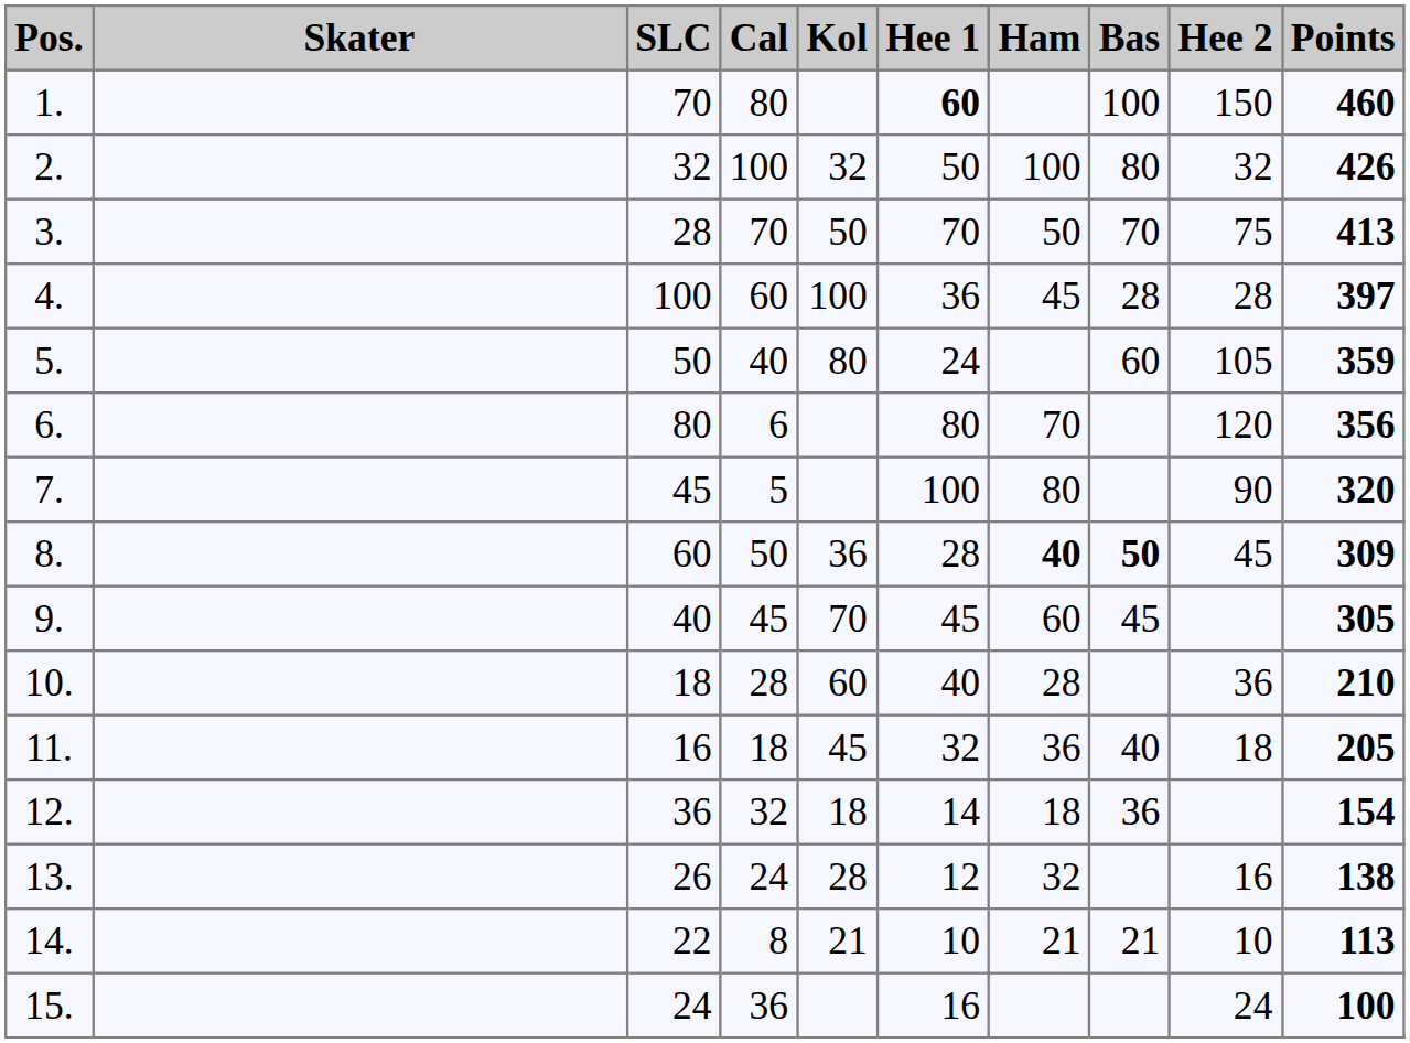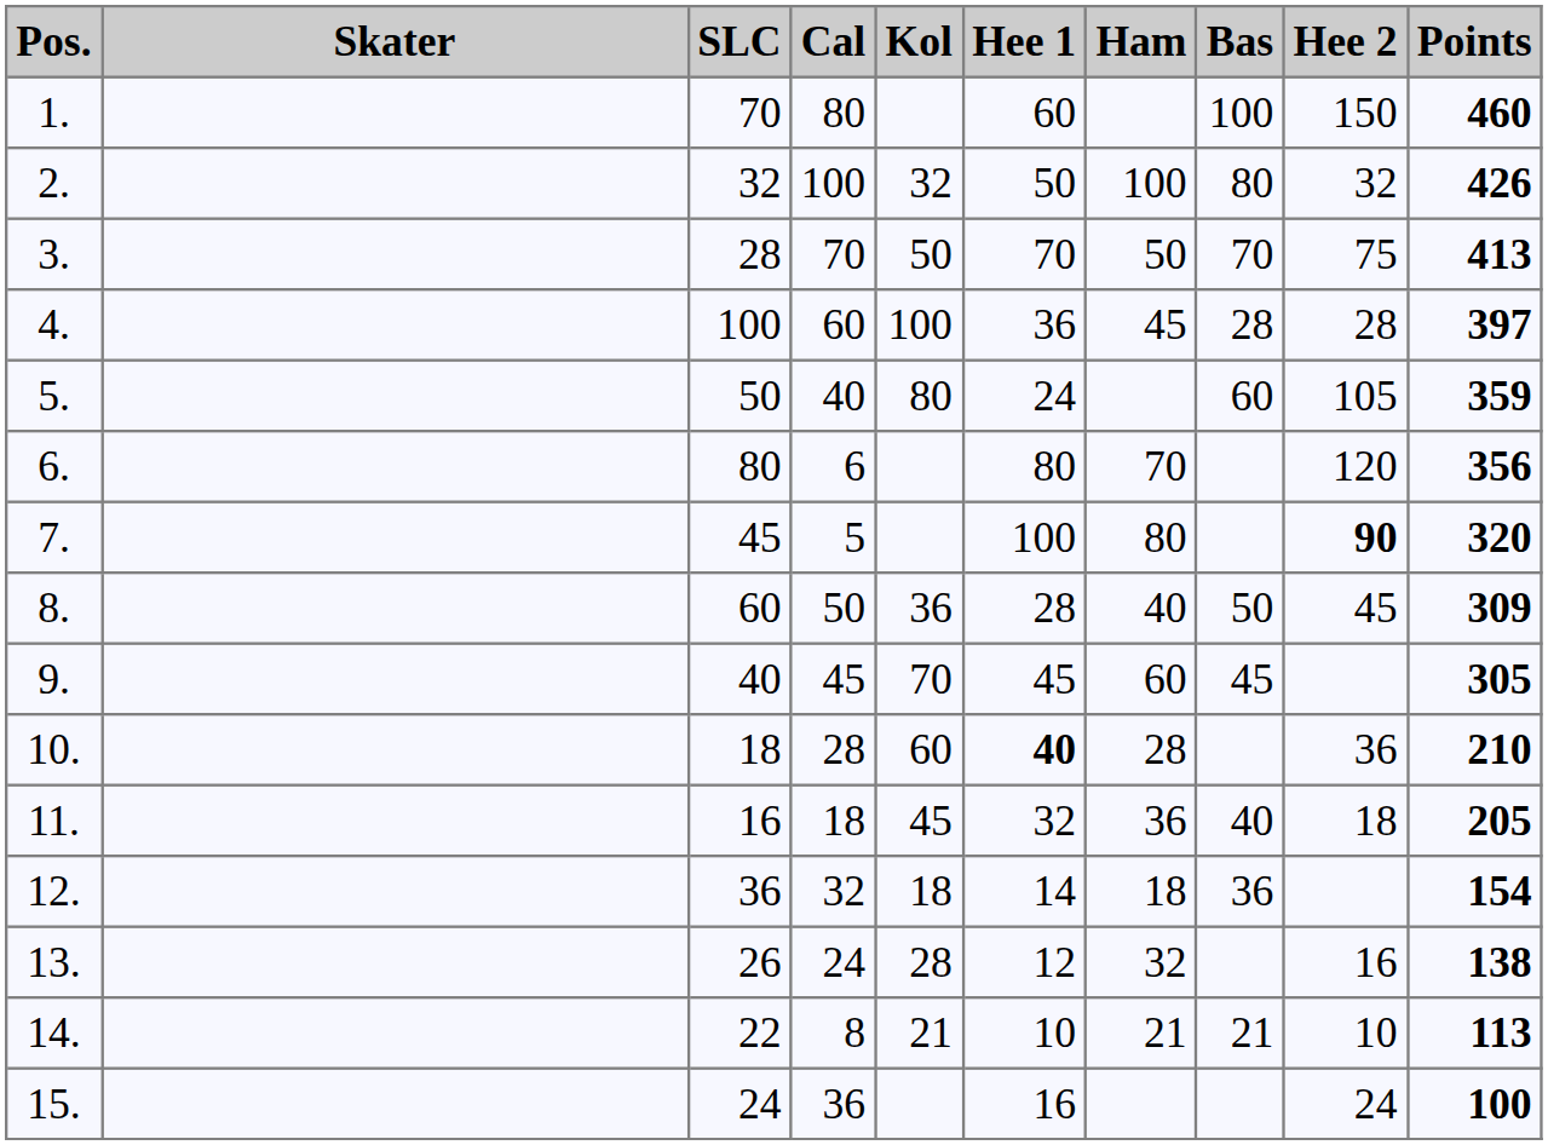 <table bgcolor="#f7f8ff" cellpadding="3" cellspacing="0" border="1" style="font-size: 95%; border: gray solid 1px; border-collapse: collapse;">
 <tr bgcolor="#CCCCCC">
 <td align="center" width="10"><strong>Pos.</strong></td>
 <td align="center" width="200"><strong>Skater</strong></td>
 <td align="center" width="20"><strong>SLC</strong></td>
 <td align="center" width="20"><strong>Cal</strong></td>
 <td align="center" width="20"><strong>Kol</strong></td>
 <td align="center" width="20"><strong>Hee 1</strong></td>
 <td align="center" width="20"><strong>Ham</strong></td>
 <td align="center" width="20"><strong>Bas</strong></td>
 <td align="center" width="20"><strong>Hee 2</strong></td>
 <td align="center" width="20"><strong>Points</strong></td>
 </tr>
 <tr align="left">
 <td align="center">1.</td>
 <td></td>
 <td align="right">70</td>
 <td align="right">80</td>
 <td align="right"></td>
-<td align="right"><strong>60</strong></td>
+<td align="right">60</td>
 <td align="right"></td>
 <td align="right">100</td>
 <td align="right">150</td>
 <td align="right"><strong>460</strong></td>
 </tr>
 <tr align="left">
 <td align="center">2.</td>
 <td></td>
 <td align="right">32</td>
 <td align="right">100</td>
 <td align="right">32</td>
 <td align="right">50</td>
 <td align="right">100</td>
 <td align="right">80</td>
 <td align="right">32</td>
 <td align="right"><strong>426</strong></td>
 </tr>
 <tr align="left">
 <td align="center">3.</td>
 <td></td>
 <td align="right">28</td>
 <td align="right">70</td>
 <td align="right">50</td>
 <td align="right">70</td>
 <td align="right">50</td>
 <td align="right">70</td>
 <td align="right">75</td>
 <td align="right"><strong>413</strong></td>
 </tr>
 <tr align="left">
 <td align="center">4.</td>
 <td></td>
 <td align="right">100</td>
 <td align="right">60</td>
 <td align="right">100</td>
 <td align="right">36</td>
 <td align="right">45</td>
 <td align="right">28</td>
 <td align="right">28</td>
 <td align="right"><strong>397</strong></td>
 </tr>
 <tr align="left">
 <td align="center">5.</td>
 <td></td>
 <td align="right">50</td>
 <td align="right">40</td>
 <td align="right">80</td>
 <td align="right">24</td>
 <td align="right"></td>
 <td align="right">60</td>
 <td align="right">105</td>
 <td align="right"><strong>359</strong></td>
 </tr>
 <tr align="left">
 <td align="center">6.</td>
 <td></td>
 <td align="right">80</td>
 <td align="right">6</td>
 <td align="right"></td>
 <td align="right">80</td>
 <td align="right">70</td>
 <td align="right"></td>
 <td align="right">120</td>
 <td align="right"><strong>356</strong></td>
 </tr>
 <tr align="left">
 <td align="center">7.</td>
 <td></td>
 <td align="right">45</td>
 <td align="right">5</td>
 <td align="right"></td>
 <td align="right">100</td>
 <td align="right">80</td>
 <td align="right"></td>
-<td align="right">90</td>
+<td align="right"><strong>90</strong></td>
 <td align="right"><strong>320</strong></td>
 </tr>
 <tr align="left">
 <td align="center">8.</td>
 <td></td>
 <td align="right">60</td>
 <td align="right">50</td>
 <td align="right">36</td>
 <td align="right">28</td>
-<td align="right"><strong>40</strong></td>
-<td align="right"><strong>50</strong></td>
+<td align="right">40</td>
+<td align="right">50</td>
 <td align="right">45</td>
 <td align="right"><strong>309</strong></td>
 </tr>
 <tr align="left">
 <td align="center">9.</td>
 <td></td>
 <td align="right">40</td>
 <td align="right">45</td>
 <td align="right">70</td>
 <td align="right">45</td>
 <td align="right">60</td>
 <td align="right">45</td>
 <td align="right"></td>
 <td align="right"><strong>305</strong></td>
 </tr>
 <tr align="left">
 <td align="center">10.</td>
 <td></td>
 <td align="right">18</td>
 <td align="right">28</td>
 <td align="right">60</td>
-<td align="right">40</td>
+<td align="right"><strong>40</strong></td>
 <td align="right">28</td>
 <td align="right"></td>
 <td align="right">36</td>
 <td align="right"><strong>210</strong></td>
 </tr>
 <tr align="left">
 <td align="center">11.</td>
 <td></td>
 <td align="right">16</td>
 <td align="right">18</td>
 <td align="right">45</td>
 <td align="right">32</td>
 <td align="right">36</td>
 <td align="right">40</td>
 <td align="right">18</td>
 <td align="right"><strong>205</strong></td>
 </tr>
 <tr align="left">
 <td align="center">12.</td>
 <td></td>
 <td align="right">36</td>
 <td align="right">32</td>
 <td align="right">18</td>
 <td align="right">14</td>
 <td align="right">18</td>
 <td align="right">36</td>
 <td align="right"></td>
 <td align="right"><strong>154</strong></td>
 </tr>
 <tr align="left">
 <td align="center">13.</td>
 <td></td>
 <td align="right">26</td>
 <td align="right">24</td>
 <td align="right">28</td>
 <td align="right">12</td>
 <td align="right">32</td>
 <td align="right"></td>
 <td align="right">16</td>
 <td align="right"><strong>138</strong></td>
 </tr>
 <tr align="left">
 <td align="center">14.</td>
 <td></td>
 <td align="right">22</td>
 <td align="right">8</td>
 <td align="right">21</td>
 <td align="right">10</td>
 <td align="right">21</td>
 <td align="right">21</td>
 <td align="right">10</td>
 <td align="right"><strong>113</strong></td>
 </tr>
 <tr align="left">
 <td align="center">15.</td>
 <td></td>
 <td align="right">24</td>
 <td align="right">36</td>
 <td align="right"></td>
 <td align="right">16</td>
 <td align="right"></td>
 <td align="right"></td>
 <td align="right">24</td>
 <td align="right"><strong>100</strong><br></td>
 </tr>
 <tr>
 </tr>
 </table>
